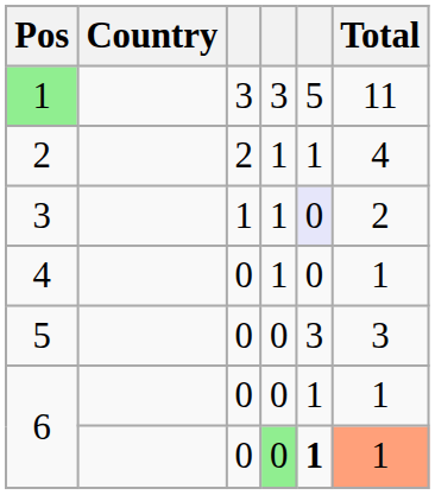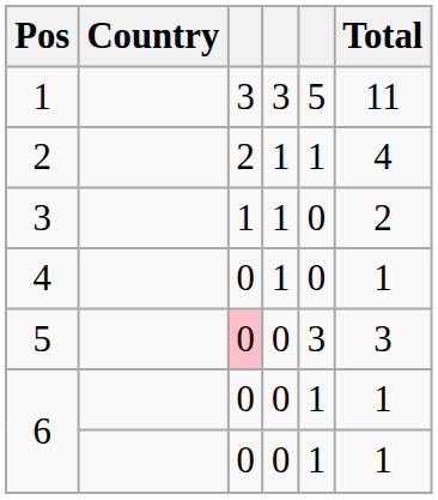 <table class=wikitable style="font-size:95%; text-align: center">
 <tr>
 <th>Pos</th>
 <th>Country</th>
 <th></th>
 <th></th>
 <th></th>
 <th>Total</th>
 </tr>
 <tr>
-<td style="background: lightgreen;">1</td>
+<td>1</td>
 <td style=text-align:left></td>
 <td>3</td>
 <td>3</td>
 <td>5</td>
 <td>11</td>
 </tr>
 <tr>
 <td>2</td>
 <td style=text-align:left></td>
 <td>2</td>
 <td>1</td>
 <td>1</td>
 <td>4</td>
 </tr>
 <tr>
 <td>3</td>
 <td style=text-align:left></td>
 <td>1</td>
 <td>1</td>
-<td style="background: lavender;">0</td>
+<td>0</td>
 <td>2</td>
 </tr>
 <tr>
 <td>4</td>
 <td style=text-align:left></td>
 <td>0</td>
 <td>1</td>
 <td>0</td>
 <td>1</td>
 </tr>
 <tr>
 <td>5</td>
 <td style=text-align:left></td>
-<td>0</td>
+<td style="background: pink;">0</td>
 <td>0</td>
 <td>3</td>
 <td>3</td>
 </tr>
 <tr>
 <td rowspan=2>6</td>
 <td style=text-align:left></td>
 <td>0</td>
 <td>0</td>
 <td>1</td>
 <td>1</td>
 </tr>
 <tr>
 <td style=text-align:left></td>
 <td>0</td>
-<td style="background: lightgreen;">0</td>
-<td><strong>1</strong></td>
-<td style="background: lightsalmon;">1</td>
+<td>0</td>
+<td>1</td>
+<td>1</td>
 </tr>
 </table>
